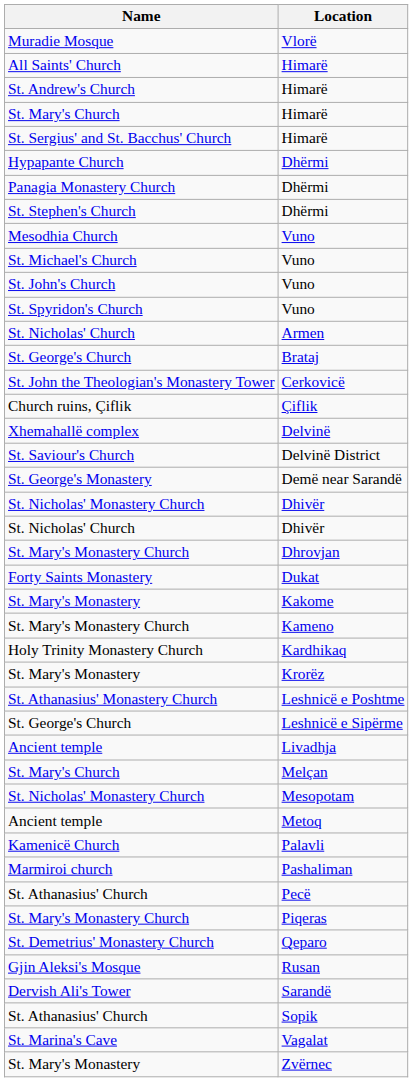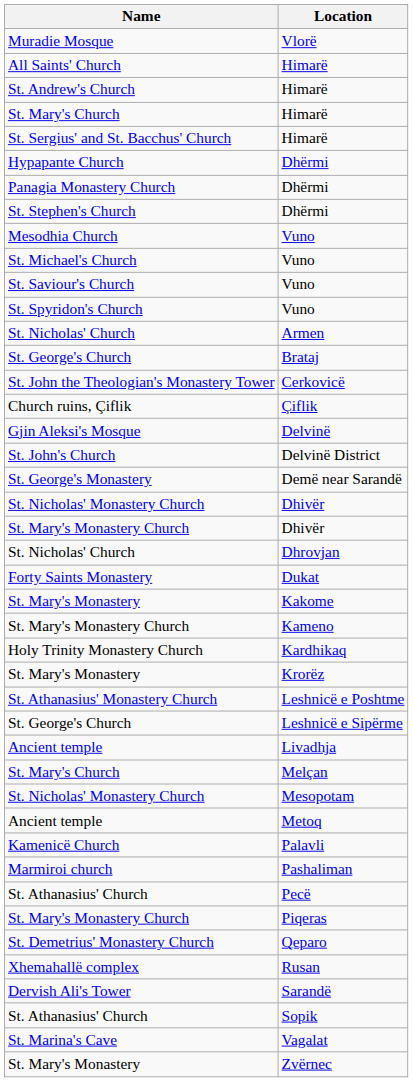 <table class="wikitable">
 <tr>
 <th>Name</th>
 <th>Location</th>
 </tr>
 <tr>
 <td><a href='#'>Muradie Mosque</a></td>
 <td><a href='#'>Vlorë</a></td>
 </tr>
 <tr>
 <td><a href='#'>All Saints' Church</a></td>
 <td><a href='#'>Himarë</a></td>
 </tr>
 <tr>
 <td><a href='#'>St. Andrew's Church</a></td>
 <td>Himarë</td>
 </tr>
 <tr>
 <td><a href='#'>St. Mary's Church</a></td>
 <td>Himarë</td>
 </tr>
 <tr>
 <td><a href='#'>St. Sergius' and St. Bacchus' Church</a></td>
 <td>Himarë</td>
 </tr>
 <tr>
 <td><a href='#'>Hypapante Church</a></td>
 <td><a href='#'>Dhërmi</a></td>
 </tr>
 <tr>
 <td><a href='#'>Panagia Monastery Church</a></td>
 <td>Dhërmi</td>
 </tr>
 <tr>
 <td><a href='#'>St. Stephen's Church</a></td>
 <td>Dhërmi</td>
 </tr>
 <tr>
 <td><a href='#'>Mesodhia Church</a></td>
 <td><a href='#'>Vuno</a></td>
 </tr>
 <tr>
 <td><a href='#'>St. Michael's Church</a></td>
 <td>Vuno</td>
 </tr>
 <tr>
-<td><a href='#'>St. John's Church</a></td>
+<td><a href='#'>St. Saviour's Church</a></td>
 <td>Vuno</td>
 </tr>
 <tr>
 <td><a href='#'>St. Spyridon's Church</a></td>
 <td>Vuno</td>
 </tr>
 <tr>
 <td><a href='#'>St. Nicholas' Church</a></td>
 <td><a href='#'>Armen</a></td>
 </tr>
 <tr>
 <td><a href='#'>St. George's Church</a></td>
 <td><a href='#'>Brataj</a></td>
 </tr>
 <tr>
 <td><a href='#'>St. John the Theologian's Monastery Tower</a></td>
 <td><a href='#'>Cerkovicë</a></td>
 </tr>
 <tr>
 <td>Church ruins, Çiflik</td>
 <td><a href='#'>Çiflik</a></td>
 </tr>
 <tr>
-<td><a href='#'>Xhemahallë complex</a></td>
+<td><a href='#'>Gjin Aleksi's Mosque</a></td>
 <td><a href='#'>Delvinë</a></td>
 </tr>
 <tr>
-<td><a href='#'>St. Saviour's Church</a></td>
+<td><a href='#'>St. John's Church</a></td>
 <td>Delvinë District</td>
 </tr>
 <tr>
 <td><a href='#'>St. George's Monastery</a></td>
 <td>Demë near Sarandë</td>
 </tr>
 <tr>
 <td><a href='#'>St. Nicholas' Monastery Church</a></td>
 <td><a href='#'>Dhivër</a></td>
 </tr>
 <tr>
-<td>St. Nicholas' Church</td>
+<td><a href='#'>St. Mary's Monastery Church</a></td>
 <td>Dhivër</td>
 </tr>
 <tr>
-<td><a href='#'>St. Mary's Monastery Church</a></td>
+<td>St. Nicholas' Church</td>
 <td><a href='#'>Dhrovjan</a></td>
 </tr>
 <tr>
 <td><a href='#'>Forty Saints Monastery</a></td>
 <td><a href='#'>Dukat</a></td>
 </tr>
 <tr>
 <td><a href='#'>St. Mary's Monastery</a></td>
 <td><a href='#'>Kakome</a></td>
 </tr>
 <tr>
 <td>St. Mary's Monastery Church</td>
 <td><a href='#'>Kameno</a></td>
 </tr>
 <tr>
 <td>Holy Trinity Monastery Church</td>
 <td><a href='#'>Kardhikaq</a></td>
 </tr>
 <tr>
 <td>St. Mary's Monastery</td>
 <td><a href='#'>Krorëz</a></td>
 </tr>
 <tr>
 <td><a href='#'>St. Athanasius' Monastery Church</a></td>
 <td><a href='#'>Leshnicë e Poshtme</a></td>
 </tr>
 <tr>
 <td>St. George's Church</td>
 <td><a href='#'>Leshnicë e Sipërme</a></td>
 </tr>
 <tr>
 <td><a href='#'>Ancient temple</a></td>
 <td><a href='#'>Livadhja</a></td>
 </tr>
 <tr>
 <td><a href='#'>St. Mary's Church</a></td>
 <td><a href='#'>Melçan</a></td>
 </tr>
 <tr>
 <td><a href='#'>St. Nicholas' Monastery Church</a></td>
 <td><a href='#'>Mesopotam</a></td>
 </tr>
 <tr>
 <td>Ancient temple</td>
 <td><a href='#'>Metoq</a></td>
 </tr>
 <tr>
 <td><a href='#'>Kamenicë Church</a></td>
 <td><a href='#'>Palavli</a></td>
 </tr>
 <tr>
 <td><a href='#'>Marmiroi church</a></td>
 <td><a href='#'>Pashaliman</a></td>
 </tr>
 <tr>
 <td>St. Athanasius' Church</td>
 <td><a href='#'>Pecë</a></td>
 </tr>
 <tr>
 <td><a href='#'>St. Mary's Monastery Church</a></td>
 <td><a href='#'>Piqeras</a></td>
 </tr>
 <tr>
 <td><a href='#'>St. Demetrius' Monastery Church</a></td>
 <td><a href='#'>Qeparo</a></td>
 </tr>
 <tr>
-<td><a href='#'>Gjin Aleksi's Mosque</a></td>
+<td><a href='#'>Xhemahallë complex</a></td>
 <td><a href='#'>Rusan</a></td>
 </tr>
 <tr>
 <td><a href='#'>Dervish Ali's Tower</a></td>
 <td><a href='#'>Sarandë</a></td>
 </tr>
 <tr>
 <td>St. Athanasius' Church</td>
 <td><a href='#'>Sopik</a></td>
 </tr>
 <tr>
 <td><a href='#'>St. Marina's Cave</a></td>
 <td><a href='#'>Vagalat</a></td>
 </tr>
 <tr>
 <td>St. Mary's Monastery</td>
 <td><a href='#'>Zvërnec</a></td>
 </tr>
 </table>
